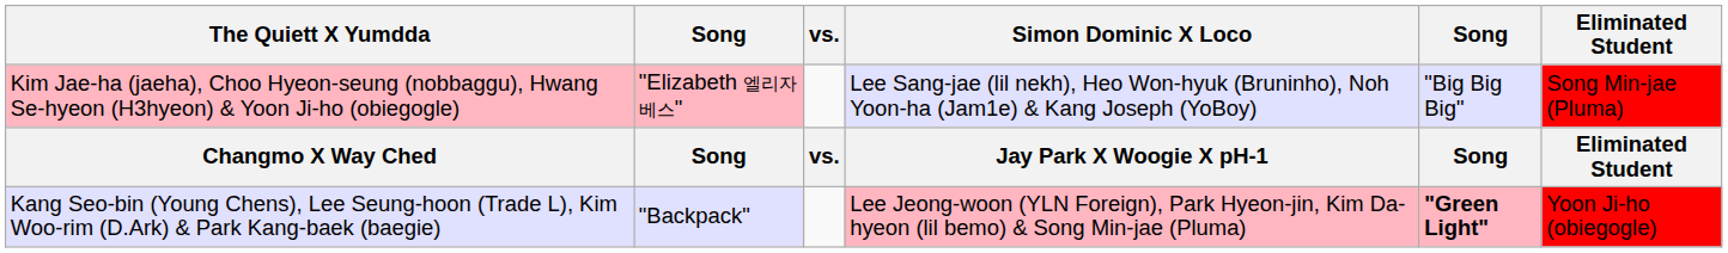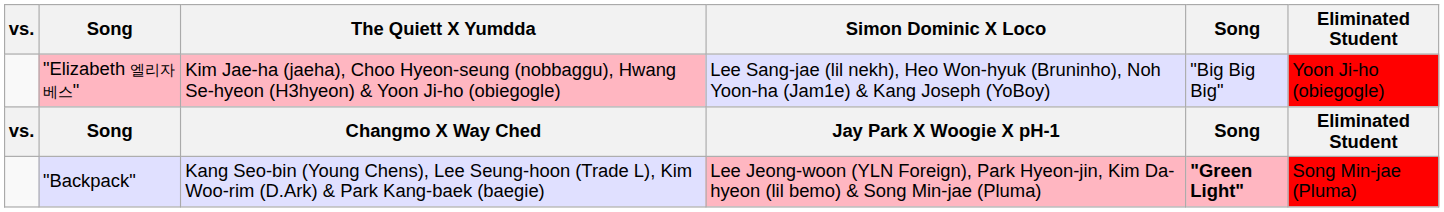 <table class="wikitable mw-collapsible mw-collapsed">
 <tr>
+<th>vs.</th>
+<th>Song</th>
 <th>The Quiett X Yumdda</th>
-<th>Song</th>
-<th>vs.</th>
 <th>Simon Dominic X Loco</th>
 <th>Song</th>
 <th>Eliminated Student</th>
 </tr>
 <tr>
+<td></td>
+<td style="background:lightpink">"Elizabeth <small>엘리자베스</small>"</td>
 <td style="background:lightpink">Kim Jae-ha (jaeha), Choo Hyeon-seung (nobbaggu), Hwang Se-hyeon (H3hyeon) & Yoon Ji-ho (obiegogle)</td>
-<td style="background:lightpink">"Elizabeth <small>엘리자베스</small>"</td>
-<td></td>
 <td style="background:#E0E0FF">Lee Sang-jae (lil nekh), Heo Won-hyuk (Bruninho), Noh Yoon-ha (Jam1e) & Kang Joseph (YoBoy)</td>
 <td style="background:#E0E0FF">"Big Big Big"</td>
-<td style="background:red">Song Min-jae (Pluma)</td>
+<td style="background:red">Yoon Ji-ho (obiegogle)</td>
 </tr>
 <tr>
+<th>vs.</th>
+<th>Song</th>
 <th>Changmo X Way Ched</th>
-<th>Song</th>
-<th>vs.</th>
 <th>Jay Park X Woogie X pH-1</th>
 <th>Song</th>
 <th>Eliminated Student</th>
 </tr>
 <tr>
+<td></td>
+<td style="background:#E0E0FF">"Backpack"</td>
 <td style="background:#E0E0FF">Kang Seo-bin (Young Chens), Lee Seung-hoon (Trade L), Kim Woo-rim (D.Ark) & Park Kang-baek (baegie)</td>
-<td style="background:#E0E0FF">"Backpack"</td>
-<td></td>
 <td style="background:lightpink">Lee Jeong-woon (YLN Foreign), Park Hyeon-jin, Kim Da-hyeon (lil bemo) & Song Min-jae (Pluma)</td>
 <td style="background:lightpink"><strong>"Green Light"</strong></td>
-<td style="background:red">Yoon Ji-ho (obiegogle)</td>
+<td style="background:red">Song Min-jae (Pluma)</td>
 </tr>
 </table>
